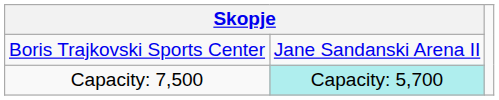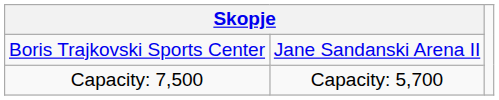 <table class="wikitable" style="text-align:center;">
 <tr>
 <th colspan=2><a href='#'>Skopje</a></th>
 <td rowspan="4"><br></td>
 </tr>
 <tr>
 <td><a href='#'>Boris Trajkovski Sports Center</a></td>
 <td><a href='#'>Jane Sandanski Arena II</a></td>
 </tr>
 <tr>
 <td>Capacity: 7,500</td>
-<td style="background: paleturquoise;">Capacity: 5,700</td>
+<td>Capacity: 5,700</td>
 </tr>
 </table>
